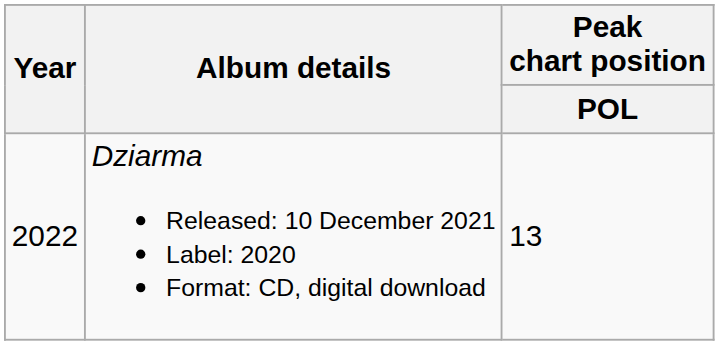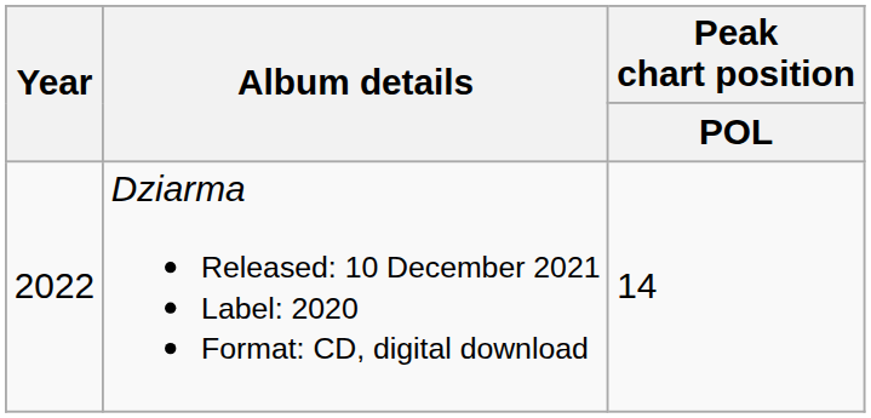 <table class="wikitable">
 <tr>
 <th rowspan="2">Year</th>
 <th rowspan="2">Album details</th>
 <th>Peak<br>chart position</th>
 </tr>
 <tr>
 <th>POL<br></th>
 </tr>
 <tr>
 <td>2022</td>
 <td><em>Dziarma</em><br><ul><li><small>Released: 10 December 2021</small></li><li><small>Label: 2020</small></li><li><small>Format: CD, digital download</small></li></ul></td>
-<td>13</td>
+<td>14</td>
 </tr>
 </table>
